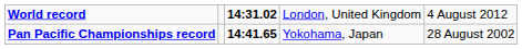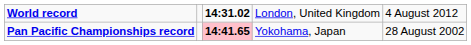 <table class="wikitable">
 <tr>
 <td><strong><a href='#'>World record</a></strong></td>
 <td></td>
 <td><strong>14:31.02</strong></td>
 <td><a href='#'>London</a>, United Kingdom</td>
 <td>4 August 2012</td>
 </tr>
 <tr>
 <td><strong><a href='#'>Pan Pacific Championships record</a></strong></td>
 <td></td>
-<td><strong>14:41.65</strong></td>
+<td style="background: pink;"><strong>14:41.65</strong></td>
 <td><a href='#'>Yokohama</a>, Japan</td>
 <td>28 August 2002</td>
 </tr>
 </table>
